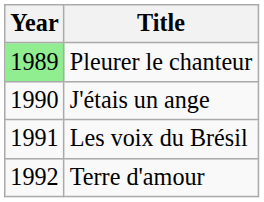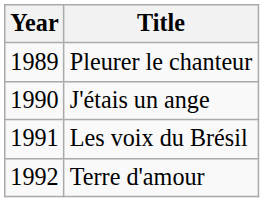 <table class="wikitable">
 <tr>
 <th>Year</th>
 <th>Title</th>
 </tr>
 <tr>
-<td style="background: lightgreen;">1989</td>
+<td>1989</td>
 <td>Pleurer le chanteur</td>
 </tr>
 <tr>
 <td>1990</td>
 <td>J'étais un ange</td>
 </tr>
 <tr>
 <td>1991</td>
 <td>Les voix du Brésil</td>
 </tr>
 <tr>
 <td>1992</td>
 <td>Terre d'amour</td>
 </tr>
 </table>
